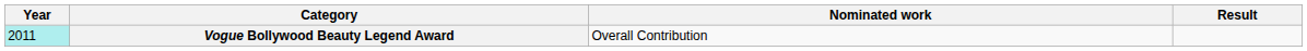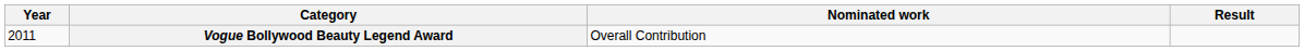 <table class="wikitable sortable plainrowheaders" style="width:100%;">
 <tr>
 <th scope="col" style="width:5%;">Year</th>
 <th scope="col" style="width:40%;">Category</th>
 <th scope="col" style="width:45%;">Nominated work</th>
 <th scope="col" style="width:10%;">Result</th>
 </tr>
 <tr>
-<td style="background: paleturquoise;">2011</td>
+<td>2011</td>
 <th scope="row"><em>Vogue</em> Bollywood Beauty Legend Award</th>
 <td>Overall Contribution</td>
 <td></td>
 </tr>
 </table>
